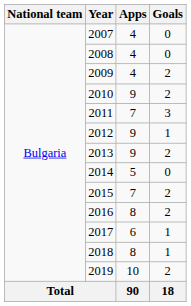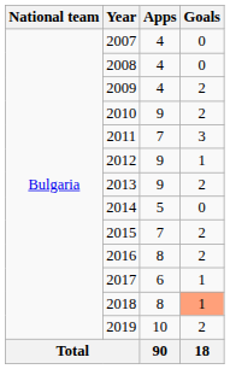 <table class="wikitable" style="text-align:center">
 <tr>
 <th>National team</th>
 <th>Year</th>
 <th>Apps</th>
 <th>Goals</th>
 </tr>
 <tr>
 <td rowspan="13"><a href='#'>Bulgaria</a></td>
 <td>2007</td>
 <td>4</td>
 <td>0</td>
 </tr>
 <tr>
 <td>2008</td>
 <td>4</td>
 <td>0</td>
 </tr>
 <tr>
 <td>2009</td>
 <td>4</td>
 <td>2</td>
 </tr>
 <tr>
 <td>2010</td>
 <td>9</td>
 <td>2</td>
 </tr>
 <tr>
 <td>2011</td>
 <td>7</td>
 <td>3</td>
 </tr>
 <tr>
 <td>2012</td>
 <td>9</td>
 <td>1</td>
 </tr>
 <tr>
 <td>2013</td>
 <td>9</td>
 <td>2</td>
 </tr>
 <tr>
 <td>2014</td>
 <td>5</td>
 <td>0</td>
 </tr>
 <tr>
 <td>2015</td>
 <td>7</td>
 <td>2</td>
 </tr>
 <tr>
 <td>2016</td>
 <td>8</td>
 <td>2</td>
 </tr>
 <tr>
 <td>2017</td>
 <td>6</td>
 <td>1</td>
 </tr>
 <tr>
 <td>2018</td>
 <td>8</td>
-<td>1</td>
+<td style="background: lightsalmon;">1</td>
 </tr>
 <tr>
 <td>2019</td>
 <td>10</td>
 <td>2</td>
 </tr>
 <tr>
 <th colspan="2">Total</th>
 <th>90</th>
 <th>18</th>
 </tr>
 </table>
